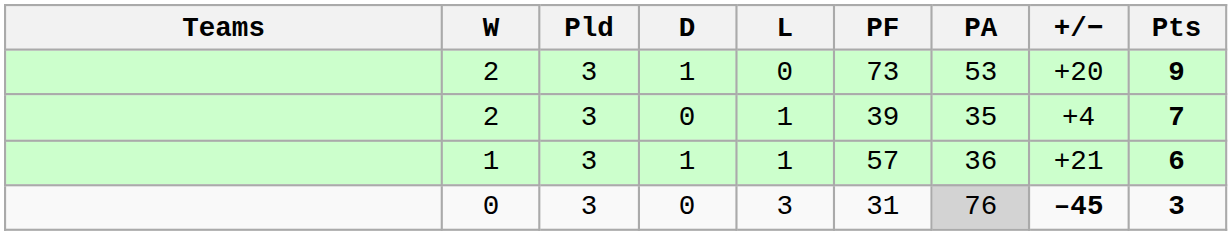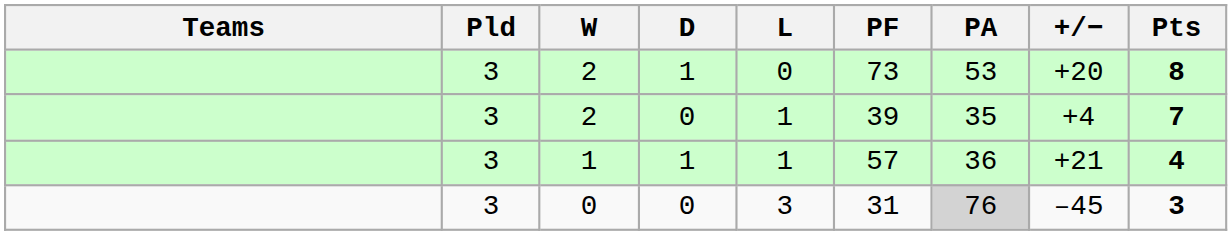 <table class="wikitable" style="text-align: center;">
 <tr>
 <th width="200">Teams</th>
+<th width="40">Pld</th>
 <th width="40">W</th>
-<th width="40">Pld</th>
 <th width="40">D</th>
 <th width="40">L</th>
 <th width="40">PF</th>
 <th width="40">PA</th>
 <th width="40">+/−</th>
 <th width="40">Pts</th>
 </tr>
 <tr style="background:#cfc; width:20px;">
 <td align=left></td>
+<td>3</td>
 <td>2</td>
-<td>3</td>
 <td>1</td>
 <td>0</td>
 <td>73</td>
 <td>53</td>
 <td>+20</td>
-<td><strong>9</strong></td>
+<td><strong>8</strong></td>
 </tr>
 <tr style="background:#cfc; width:20px;">
 <td align=left></td>
+<td>3</td>
 <td>2</td>
-<td>3</td>
 <td>0</td>
 <td>1</td>
 <td>39</td>
 <td>35</td>
 <td>+4</td>
 <td><strong>7</strong></td>
 </tr>
 <tr style="background:#cfc; width:20px;">
 <td align=left></td>
+<td>3</td>
 <td>1</td>
-<td>3</td>
 <td>1</td>
 <td>1</td>
 <td>57</td>
 <td>36</td>
 <td>+21</td>
-<td><strong>6</strong></td>
+<td><strong>4</strong></td>
 </tr>
 <tr>
 <td align=left></td>
+<td>3</td>
 <td>0</td>
-<td>3</td>
 <td>0</td>
 <td>3</td>
 <td>31</td>
 <td style="background: lightgrey;">76</td>
-<td><strong>–45</strong></td>
+<td>–45</td>
 <td><strong>3</strong></td>
 </tr>
 </table>
